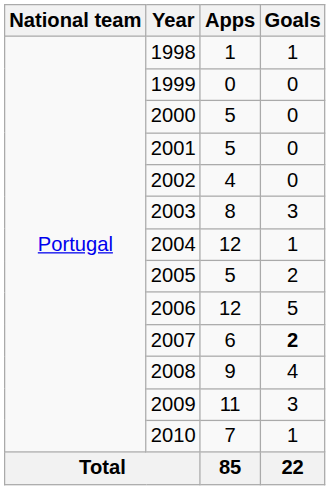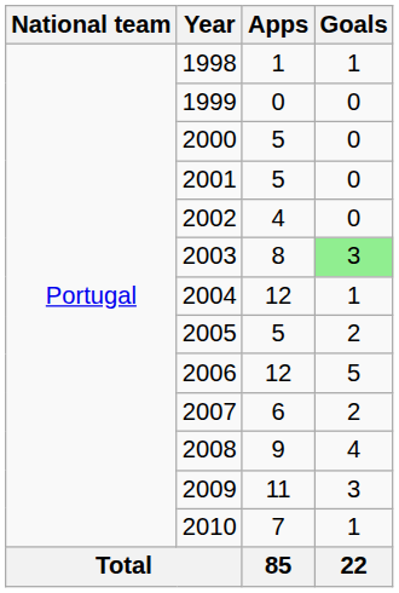 <table class="wikitable" style="text-align:center">
 <tr>
 <th>National team</th>
 <th>Year</th>
 <th>Apps</th>
 <th>Goals</th>
 </tr>
 <tr>
 <td rowspan="13"><a href='#'>Portugal</a></td>
 <td>1998</td>
 <td>1</td>
 <td>1</td>
 </tr>
 <tr>
 <td>1999</td>
 <td>0</td>
 <td>0</td>
 </tr>
 <tr>
 <td>2000</td>
 <td>5</td>
 <td>0</td>
 </tr>
 <tr>
 <td>2001</td>
 <td>5</td>
 <td>0</td>
 </tr>
 <tr>
 <td>2002</td>
 <td>4</td>
 <td>0</td>
 </tr>
 <tr>
 <td>2003</td>
 <td>8</td>
-<td>3</td>
+<td style="background: lightgreen;">3</td>
 </tr>
 <tr>
 <td>2004</td>
 <td>12</td>
 <td>1</td>
 </tr>
 <tr>
 <td>2005</td>
 <td>5</td>
 <td>2</td>
 </tr>
 <tr>
 <td>2006</td>
 <td>12</td>
 <td>5</td>
 </tr>
 <tr>
 <td>2007</td>
 <td>6</td>
-<td><strong>2</strong></td>
+<td>2</td>
 </tr>
 <tr>
 <td>2008</td>
 <td>9</td>
 <td>4</td>
 </tr>
 <tr>
 <td>2009</td>
 <td>11</td>
 <td>3</td>
 </tr>
 <tr>
 <td>2010</td>
 <td>7</td>
 <td>1</td>
 </tr>
 <tr>
 <th colspan="2">Total</th>
 <th>85</th>
 <th>22</th>
 </tr>
 </table>
